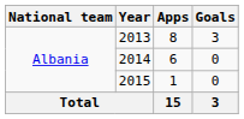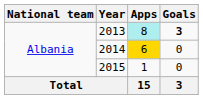 <table class=wikitable style="text-align: center;">
 <tr>
 <th>National team</th>
 <th>Year</th>
 <th>Apps</th>
 <th>Goals</th>
 </tr>
 <tr>
 <td rowspan="3"><a href='#'>Albania</a></td>
 <td>2013</td>
-<td>8</td>
-<td>3</td>
+<td style="background: paleturquoise;">8</td>
+<td><strong>3</strong></td>
 </tr>
 <tr>
 <td>2014</td>
-<td>6</td>
+<td style="background: gold;">6</td>
 <td>0</td>
 </tr>
 <tr>
 <td>2015</td>
 <td>1</td>
 <td>0</td>
 </tr>
 <tr>
 <th colspan="2">Total</th>
 <th>15</th>
 <th>3</th>
 </tr>
 </table>
